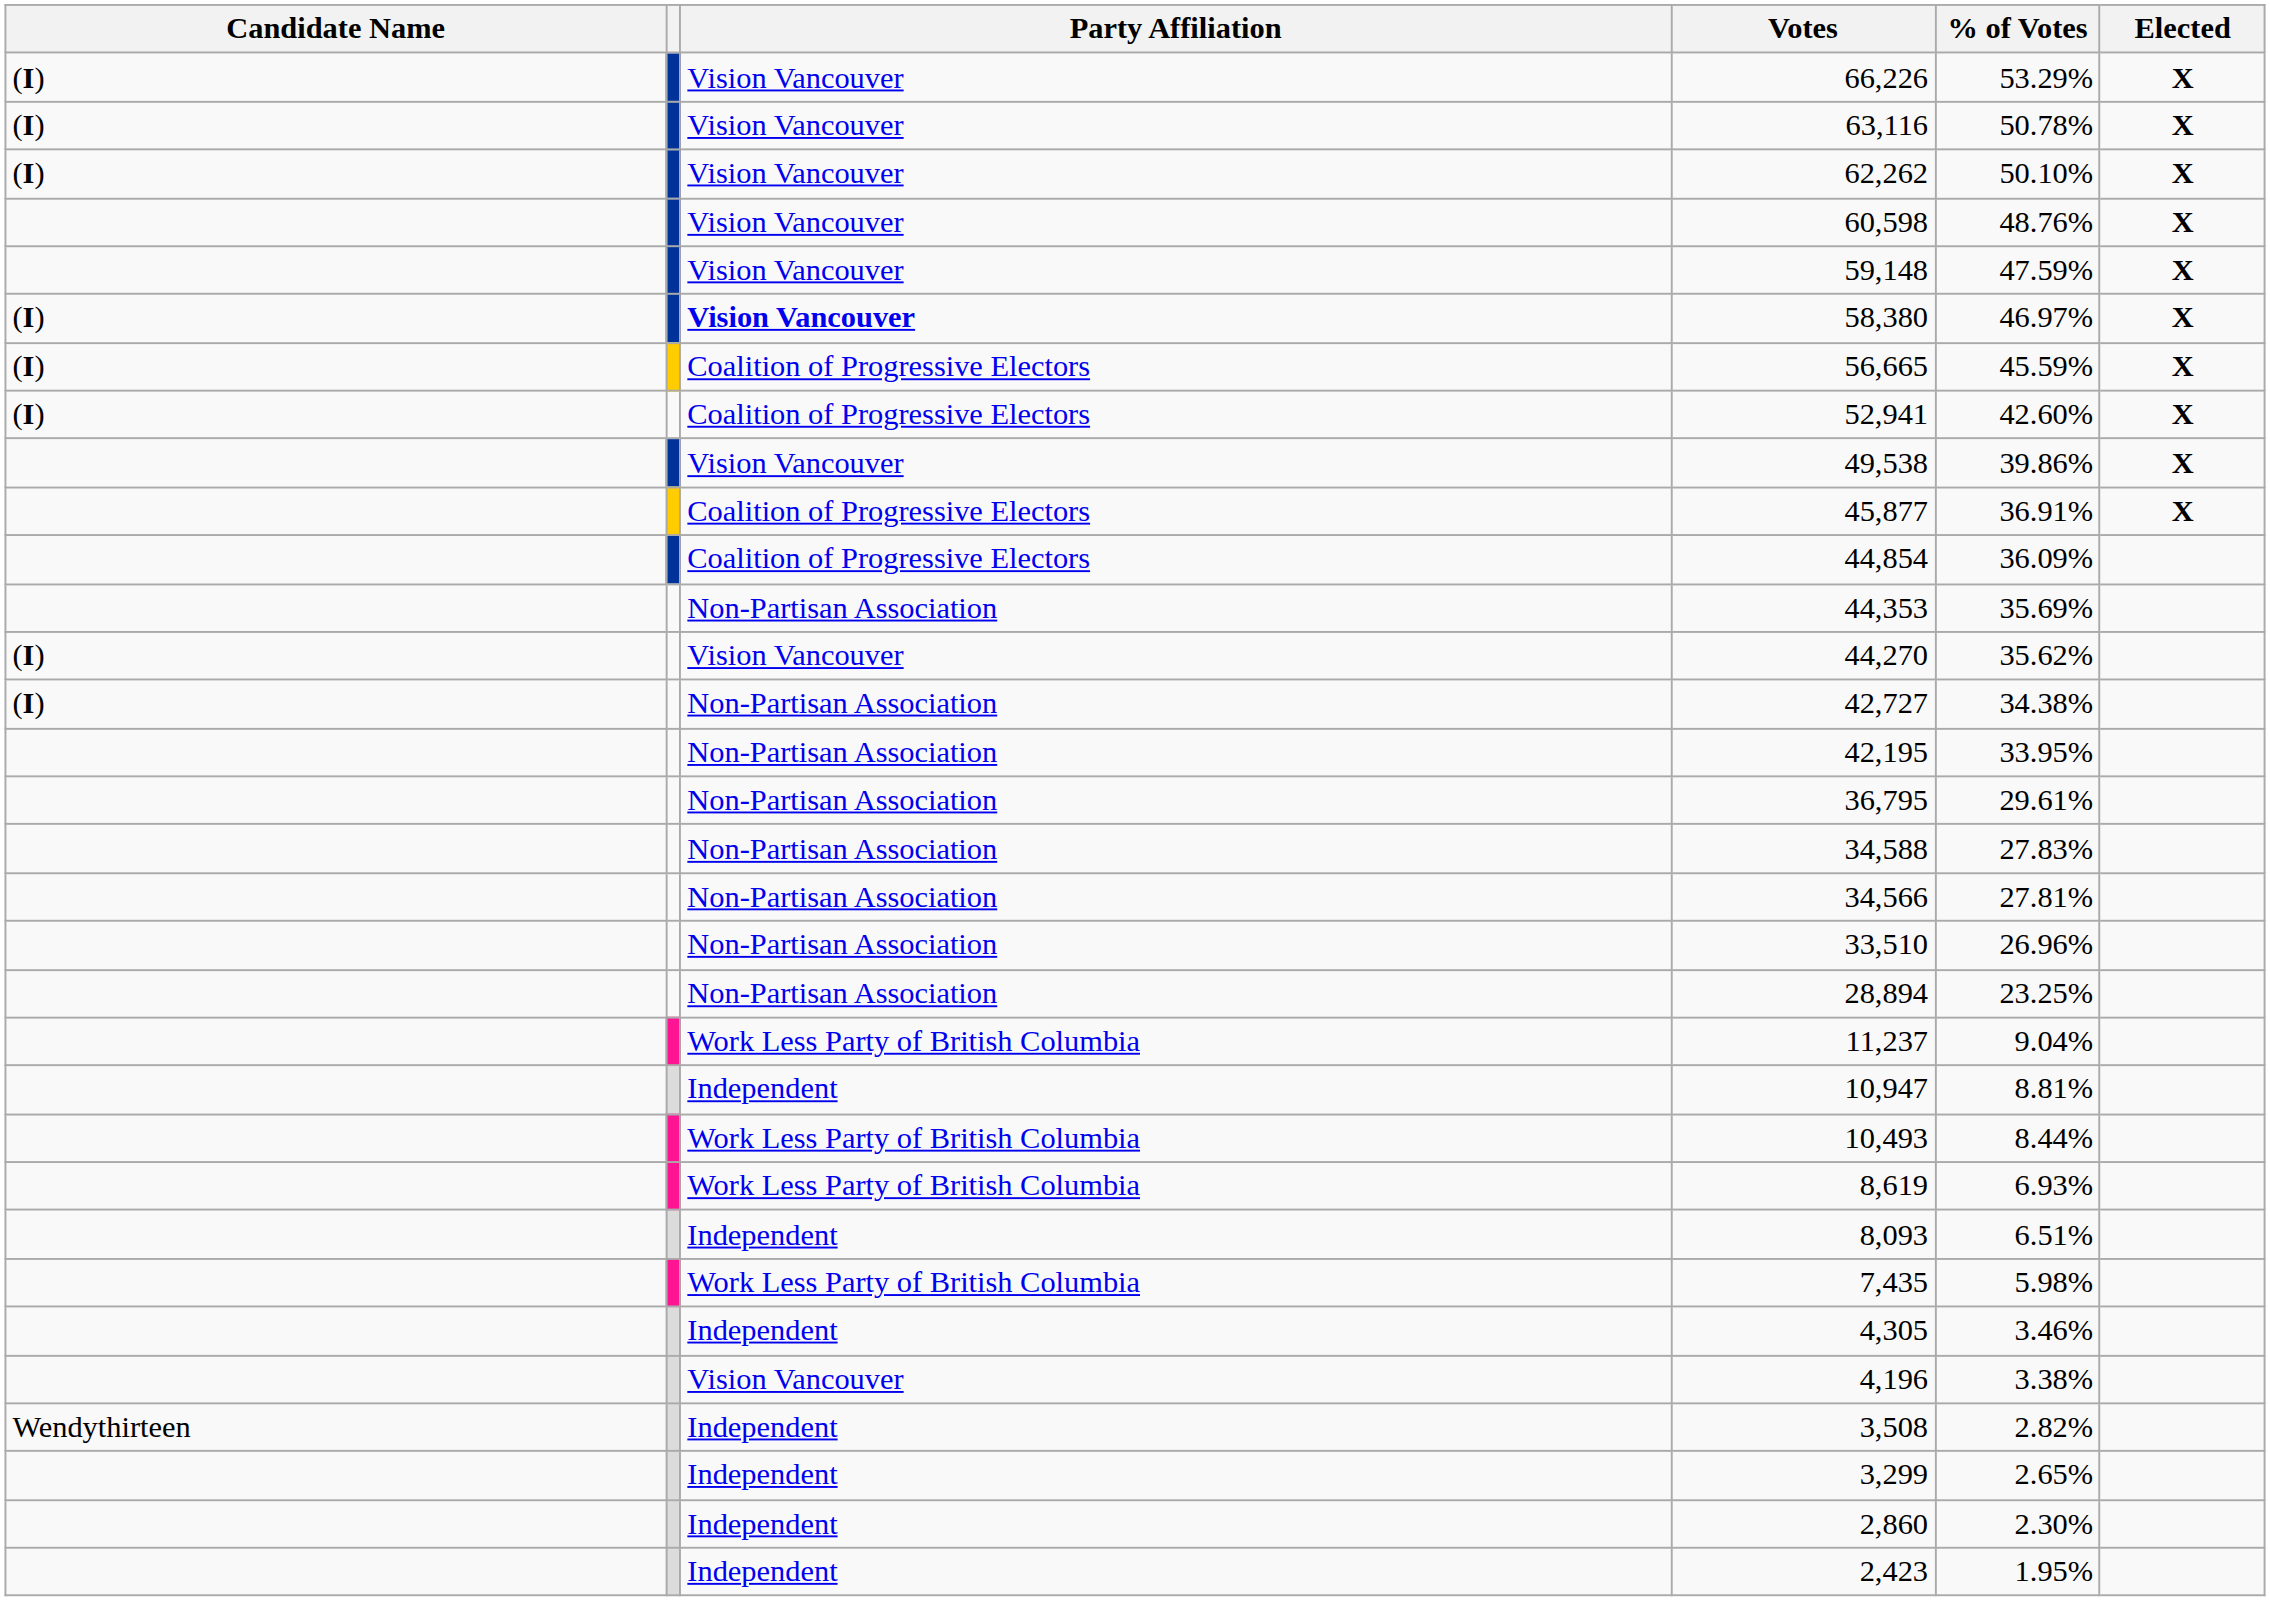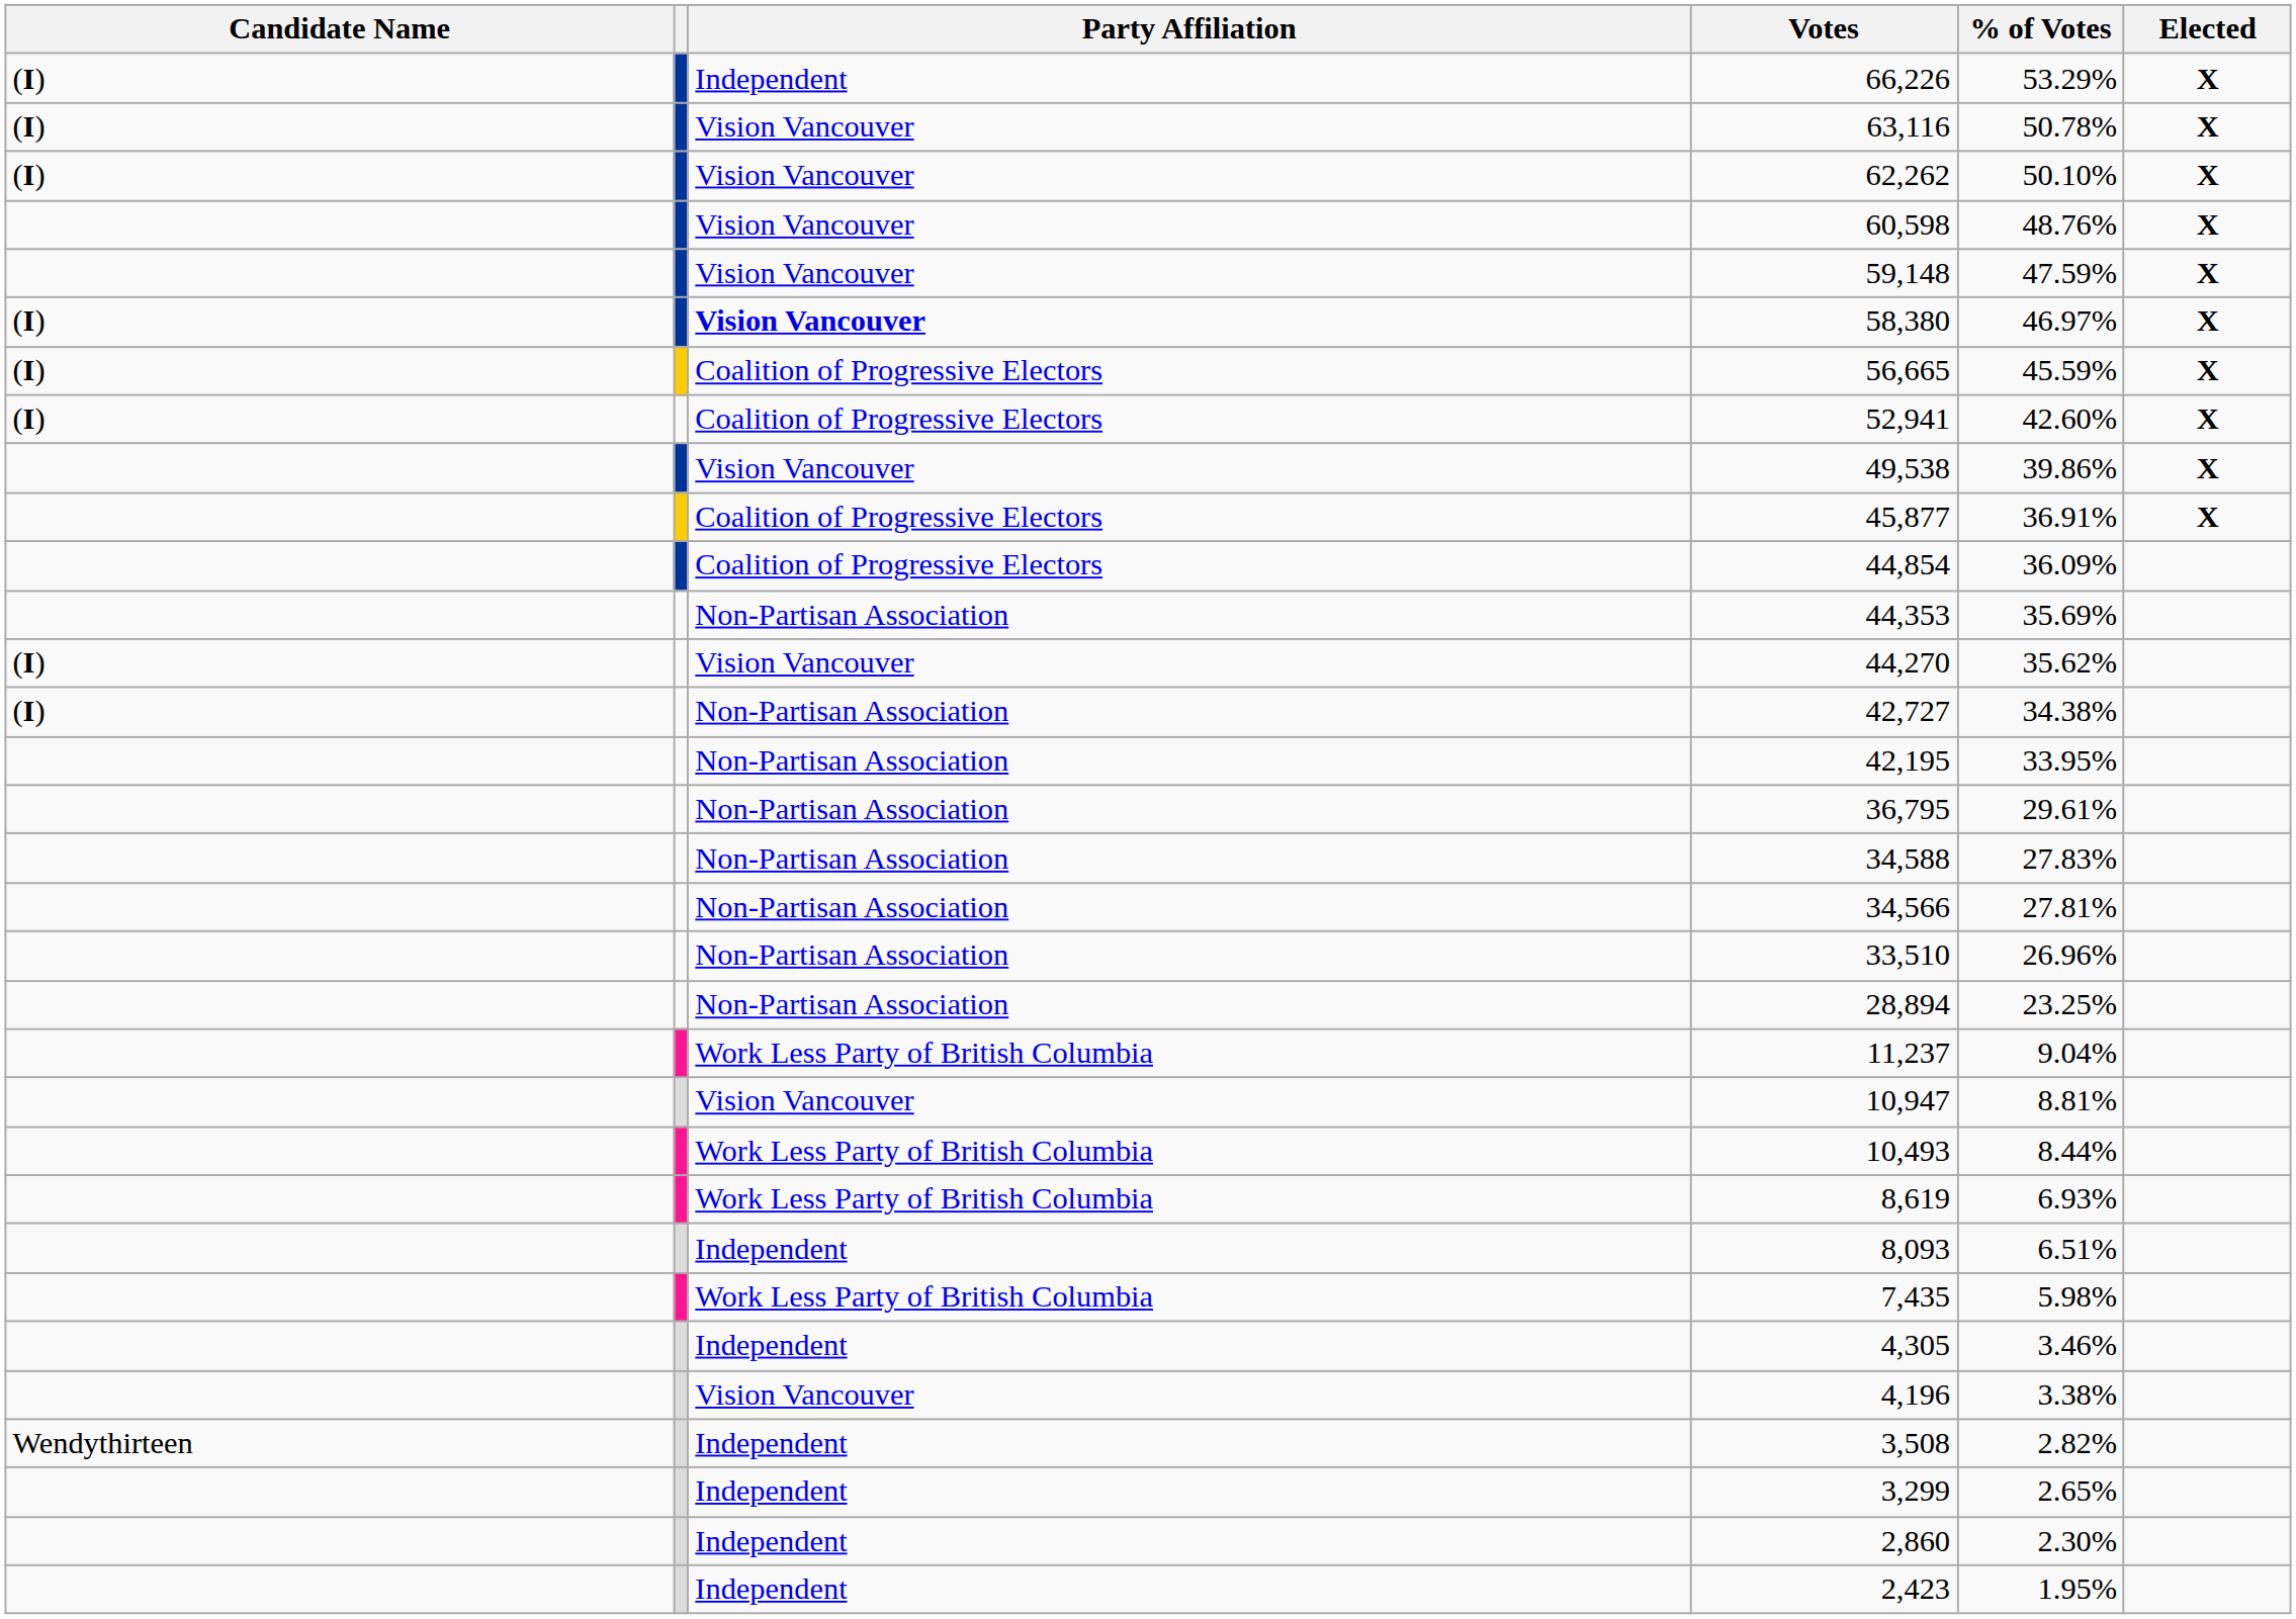 <table class="wikitable sortable" style="text-align:center; margin:5px; width: 60%">
 <tr>
 <th style="width:20%;">Candidate Name</th>
 <th style="width:0.05%;"></th>
 <th style="width:30%;">Party Affiliation</th>
 <th style="width:8%;">Votes</th>
 <th style="width:5%;">% of Votes</th>
 <th style="width:5%;">Elected</th>
 </tr>
 <tr>
 <td align="left">(<strong>I</strong>) </td>
 <td style="background:#003399;"></td>
-<td align="left"><a href='#'>Vision Vancouver</a></td>
+<td align="left"><a href='#'>Independent</a></td>
 <td align="right">66,226</td>
 <td align="right">53.29%</td>
 <td><strong>X</strong></td>
 </tr>
 <tr>
 <td align="left">(<strong>I</strong>) </td>
 <td style="background:#003399;"></td>
 <td align="left"><a href='#'>Vision Vancouver</a></td>
 <td align="right">63,116</td>
 <td align="right">50.78%</td>
 <td><strong>X</strong></td>
 </tr>
 <tr>
 <td align="left">(<strong>I</strong>) </td>
 <td style="background:#003399;"></td>
 <td align="left"><a href='#'>Vision Vancouver</a></td>
 <td align="right">62,262</td>
 <td align="right">50.10%</td>
 <td><strong>X</strong></td>
 </tr>
 <tr>
 <td align="left"></td>
 <td style="background:#003399;"></td>
 <td align="left"><a href='#'>Vision Vancouver</a></td>
 <td align="right">60,598</td>
 <td align="right">48.76%</td>
 <td><strong>X</strong></td>
 </tr>
 <tr>
 <td align="left"></td>
 <td style="background:#003399;"></td>
 <td align="left"><a href='#'>Vision Vancouver</a></td>
 <td align="right">59,148</td>
 <td align="right">47.59%</td>
 <td><strong>X</strong></td>
 </tr>
 <tr>
 <td align="left">(<strong>I</strong>) </td>
 <td style="background:#003399;"></td>
 <td align="left"><strong><a href='#'>Vision Vancouver</a></strong></td>
 <td align="right">58,380</td>
 <td align="right">46.97%</td>
 <td><strong>X</strong></td>
 </tr>
 <tr>
 <td align="left">(<strong>I</strong>) </td>
 <td style="background:#FFCC00;"></td>
 <td align="left"><a href='#'>Coalition of Progressive Electors</a></td>
 <td align="right">56,665</td>
 <td align="right">45.59%</td>
 <td><strong>X</strong></td>
 </tr>
 <tr>
 <td align="left">(<strong>I</strong>) </td>
 <td style="background:"></td>
 <td align="left"><a href='#'>Coalition of Progressive Electors</a></td>
 <td align="right">52,941</td>
 <td align="right">42.60%</td>
 <td><strong>X</strong></td>
 </tr>
 <tr>
 <td align="left"></td>
 <td style="background:#003399;"></td>
 <td align="left"><a href='#'>Vision Vancouver</a></td>
 <td align="right">49,538</td>
 <td align="right">39.86%</td>
 <td><strong>X</strong></td>
 </tr>
 <tr>
 <td align="left"></td>
 <td style="background:#FFCC00;"></td>
 <td align="left"><a href='#'>Coalition of Progressive Electors</a></td>
 <td align="right">45,877</td>
 <td align="right">36.91%</td>
 <td><strong>X</strong></td>
 </tr>
 <tr>
 <td align="left"></td>
 <td style="background:#003399;"></td>
 <td align="left"><a href='#'>Coalition of Progressive Electors</a></td>
 <td align="right">44,854</td>
 <td align="right">36.09%</td>
 <td></td>
 </tr>
 <tr>
 <td align="left"></td>
 <td style="background:"></td>
 <td align="left"><a href='#'>Non-Partisan Association</a></td>
 <td align="right">44,353</td>
 <td align="right">35.69%</td>
 <td></td>
 </tr>
 <tr>
 <td align="left">(<strong>I</strong>) </td>
 <td style="background:"></td>
 <td align="left"><a href='#'>Vision Vancouver</a></td>
 <td align="right">44,270</td>
 <td align="right">35.62%</td>
 <td></td>
 </tr>
 <tr>
 <td align="left">(<strong>I</strong>) </td>
 <td style="background:"></td>
 <td align="left"><a href='#'>Non-Partisan Association</a></td>
 <td align="right">42,727</td>
 <td align="right">34.38%</td>
 <td></td>
 </tr>
 <tr>
 <td align="left"></td>
 <td style="background:"></td>
 <td align="left"><a href='#'>Non-Partisan Association</a></td>
 <td align="right">42,195</td>
 <td align="right">33.95%</td>
 <td></td>
 </tr>
 <tr>
 <td align="left"></td>
 <td style="background:"></td>
 <td align="left"><a href='#'>Non-Partisan Association</a></td>
 <td align="right">36,795</td>
 <td align="right">29.61%</td>
 <td></td>
 </tr>
 <tr>
 <td align="left"></td>
 <td style="background:"></td>
 <td align="left"><a href='#'>Non-Partisan Association</a></td>
 <td align="right">34,588</td>
 <td align="right">27.83%</td>
 <td></td>
 </tr>
 <tr>
 <td align="left"></td>
 <td style="background:"></td>
 <td align="left"><a href='#'>Non-Partisan Association</a></td>
 <td align="right">34,566</td>
 <td align="right">27.81%</td>
 <td></td>
 </tr>
 <tr>
 <td align="left"></td>
 <td style="background:"></td>
 <td align="left"><a href='#'>Non-Partisan Association</a></td>
 <td align="right">33,510</td>
 <td align="right">26.96%</td>
 <td></td>
 </tr>
 <tr>
 <td align="left"></td>
 <td style="background:"></td>
 <td align="left"><a href='#'>Non-Partisan Association</a></td>
 <td align="right">28,894</td>
 <td align="right">23.25%</td>
 <td></td>
 </tr>
 <tr>
 <td align="left"></td>
 <td style="background:#FF1493;"></td>
 <td align="left"><a href='#'>Work Less Party of British Columbia</a></td>
 <td align="right">11,237</td>
 <td align="right">9.04%</td>
 <td></td>
 </tr>
 <tr>
 <td align="left"></td>
 <td style="background:gainsboro;"></td>
-<td align="left"><a href='#'>Independent</a></td>
+<td align="left"><a href='#'>Vision Vancouver</a></td>
 <td align="right">10,947</td>
 <td align="right">8.81%</td>
 <td></td>
 </tr>
 <tr>
 <td align="left"></td>
 <td style="background:#FF1493;"></td>
 <td align="left"><a href='#'>Work Less Party of British Columbia</a></td>
 <td align="right">10,493</td>
 <td align="right">8.44%</td>
 <td></td>
 </tr>
 <tr>
 <td align="left"></td>
 <td style="background:#FF1493;"></td>
 <td align="left"><a href='#'>Work Less Party of British Columbia</a></td>
 <td align="right">8,619</td>
 <td align="right">6.93%</td>
 <td></td>
 </tr>
 <tr>
 <td align="left"></td>
 <td style="background:gainsboro;"></td>
 <td align="left"><a href='#'>Independent</a></td>
 <td align="right">8,093</td>
 <td align="right">6.51%</td>
 <td></td>
 </tr>
 <tr>
 <td align="left"></td>
 <td style="background:#FF1493;"></td>
 <td align="left"><a href='#'>Work Less Party of British Columbia</a></td>
 <td align="right">7,435</td>
 <td align="right">5.98%</td>
 <td></td>
 </tr>
 <tr>
 <td align="left"></td>
 <td style="background:gainsboro;"></td>
 <td align="left"><a href='#'>Independent</a></td>
 <td align="right">4,305</td>
 <td align="right">3.46%</td>
 <td></td>
 </tr>
 <tr>
 <td align="left"></td>
 <td style="background:gainsboro;"></td>
 <td align="left"><a href='#'>Vision Vancouver</a></td>
 <td align="right">4,196</td>
 <td align="right">3.38%</td>
 <td></td>
 </tr>
 <tr>
 <td align="left">Wendythirteen</td>
 <td style="background:gainsboro;"></td>
 <td align="left"><a href='#'>Independent</a></td>
 <td align="right">3,508</td>
 <td align="right">2.82%</td>
 <td></td>
 </tr>
 <tr>
 <td align="left"></td>
 <td style="background:gainsboro;"></td>
 <td align="left"><a href='#'>Independent</a></td>
 <td align="right">3,299</td>
 <td align="right">2.65%</td>
 <td></td>
 </tr>
 <tr>
 <td align="left"></td>
 <td style="background:gainsboro;"></td>
 <td align="left"><a href='#'>Independent</a></td>
 <td align="right">2,860</td>
 <td align="right">2.30%</td>
 <td></td>
 </tr>
 <tr>
 <td align="left"></td>
 <td style="background:gainsboro;"></td>
 <td align="left"><a href='#'>Independent</a></td>
 <td align="right">2,423</td>
 <td align="right">1.95%</td>
 <td></td>
 </tr>
 </table>
